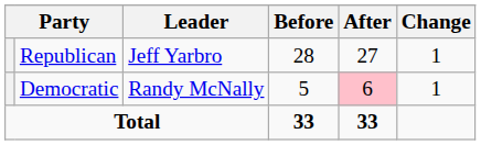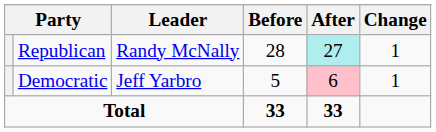 <table class="wikitable" style="text-align:center;">
 <tr>
 </tr>
 <tr>
 <th colspan=2>Party</th>
 <th>Leader</th>
 <th>Before</th>
 <th>After</th>
 <th>Change</th>
 </tr>
 <tr>
 <th style="background-color:"></th>
 <td style="text-align:left;"><a href='#'>Republican</a></td>
-<td style="text-align:left;"><a href='#'>Jeff Yarbro</a></td>
+<td style="text-align:left;"><a href='#'>Randy McNally</a></td>
 <td>28</td>
-<td>27</td>
+<td style="background: paleturquoise;">27</td>
 <td> 1</td>
 </tr>
 <tr>
 <th style="background-color:"></th>
 <td style="text-align:left;"><a href='#'>Democratic</a></td>
-<td style="text-align:left;"><a href='#'>Randy McNally</a></td>
+<td style="text-align:left;"><a href='#'>Jeff Yarbro</a></td>
 <td>5</td>
 <td style="background: pink;">6</td>
 <td> 1</td>
 </tr>
 <tr>
 <td colspan=3><strong>Total</strong></td>
 <td><strong>33</strong></td>
 <td><strong>33</strong></td>
 <td></td>
 </tr>
 </table>
